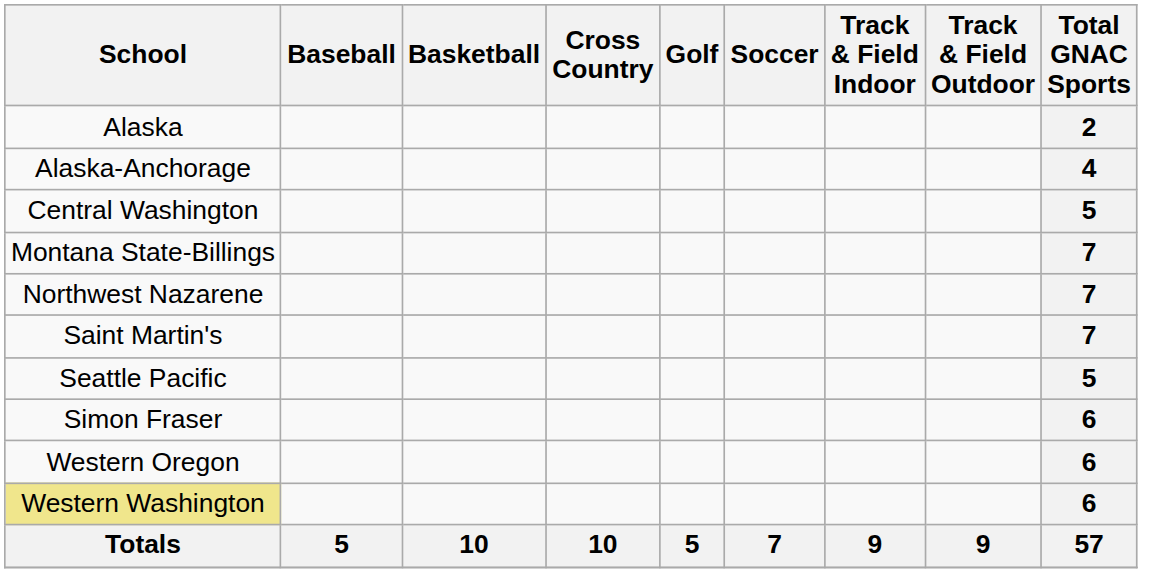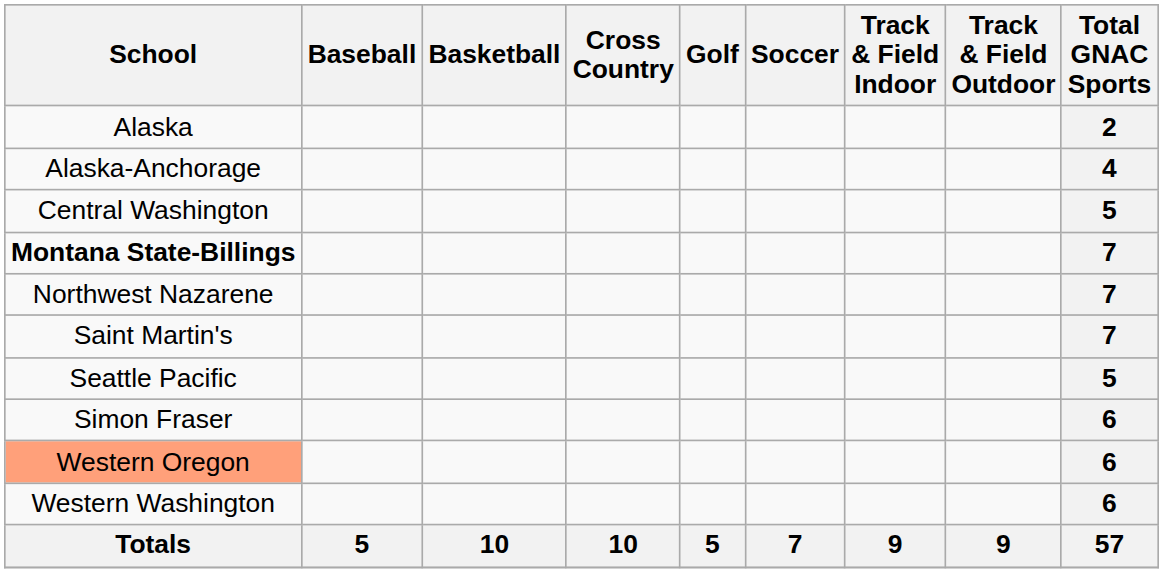 <table class="wikitable" style="text-align:center">
 <tr>
 <th>School</th>
 <th>Baseball</th>
 <th>Basketball</th>
 <th>Cross<br>Country</th>
 <th>Golf</th>
 <th>Soccer</th>
 <th>Track<br>& Field<br>Indoor</th>
 <th>Track<br>& Field<br>Outdoor</th>
 <th>Total<br>GNAC<br>Sports</th>
 </tr>
 <tr>
 <td>Alaska</td>
 <td></td>
 <td></td>
 <td></td>
 <td></td>
 <td></td>
 <td></td>
 <td></td>
 <th>2</th>
 </tr>
 <tr>
 <td>Alaska-Anchorage</td>
 <td></td>
 <td></td>
 <td></td>
 <td></td>
 <td></td>
 <td></td>
 <td></td>
 <th>4</th>
 </tr>
 <tr>
 <td>Central Washington</td>
 <td></td>
 <td></td>
 <td></td>
 <td></td>
 <td></td>
 <td></td>
 <td></td>
 <th>5</th>
 </tr>
 <tr>
-<td>Montana State-Billings</td>
+<td><strong>Montana State-Billings</strong></td>
 <td></td>
 <td></td>
 <td></td>
 <td></td>
 <td></td>
 <td></td>
 <td></td>
 <th>7</th>
 </tr>
 <tr>
 <td>Northwest Nazarene</td>
 <td></td>
 <td></td>
 <td></td>
 <td></td>
 <td></td>
 <td></td>
 <td></td>
 <th>7</th>
 </tr>
 <tr>
 <td>Saint Martin's</td>
 <td></td>
 <td></td>
 <td></td>
 <td></td>
 <td></td>
 <td></td>
 <td></td>
 <th>7</th>
 </tr>
 <tr>
 <td>Seattle Pacific</td>
 <td></td>
 <td></td>
 <td></td>
 <td></td>
 <td></td>
 <td></td>
 <td></td>
 <th>5</th>
 </tr>
 <tr>
 <td>Simon Fraser</td>
 <td></td>
 <td></td>
 <td></td>
 <td></td>
 <td></td>
 <td></td>
 <td></td>
 <th>6</th>
 </tr>
 <tr>
-<td>Western Oregon</td>
+<td style="background: lightsalmon;">Western Oregon</td>
 <td></td>
 <td></td>
 <td></td>
 <td></td>
 <td></td>
 <td></td>
 <td></td>
 <th>6</th>
 </tr>
 <tr>
-<td style="background: khaki;">Western Washington</td>
+<td>Western Washington</td>
 <td></td>
 <td></td>
 <td></td>
 <td></td>
 <td></td>
 <td></td>
 <td></td>
 <th>6</th>
 </tr>
 <tr>
 <th>Totals</th>
 <th>5</th>
 <th>10</th>
 <th>10</th>
 <th>5</th>
 <th>7</th>
 <th>9</th>
 <th>9</th>
 <th>57</th>
 </tr>
 <tr>
 </tr>
 </table>
